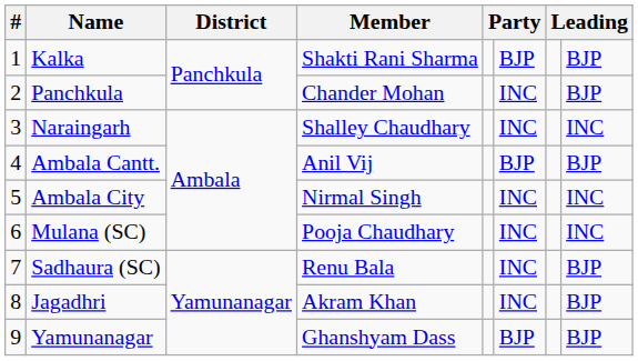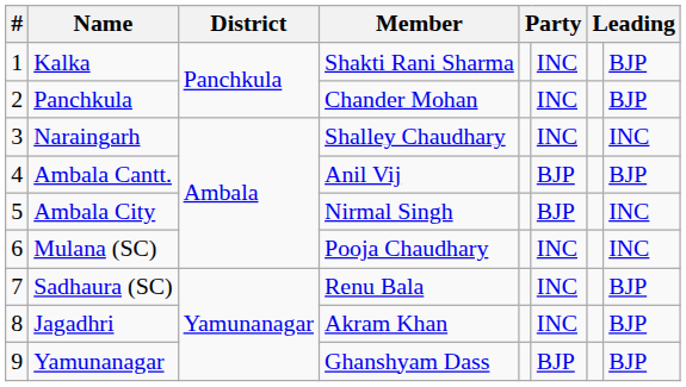 <table class="wikitable">
 <tr>
 <th>#</th>
 <th>Name</th>
 <th>District</th>
 <th>Member</th>
 <th colspan="2">Party</th>
 <th colspan="2">Leading<br></th>
 </tr>
 <tr>
 <td>1</td>
 <td><a href='#'>Kalka</a></td>
 <td rowspan="2"><a href='#'>Panchkula</a></td>
 <td><a href='#'>Shakti Rani Sharma</a></td>
 <td style="background-color:"></td>
-<td><a href='#'>BJP</a></td>
+<td><a href='#'>INC</a></td>
 <td style="background-color:"></td>
 <td><a href='#'>BJP</a></td>
 </tr>
 <tr>
 <td>2</td>
 <td><a href='#'>Panchkula</a></td>
 <td><a href='#'>Chander Mohan</a></td>
 <td style="background-color:"></td>
 <td><a href='#'>INC</a></td>
 <td style="background-color:"></td>
 <td><a href='#'>BJP</a></td>
 </tr>
 <tr>
 <td>3</td>
 <td><a href='#'>Naraingarh</a></td>
 <td rowspan="4"><a href='#'>Ambala</a></td>
 <td><a href='#'>Shalley Chaudhary</a></td>
 <td style="background-color:"></td>
 <td><a href='#'>INC</a></td>
 <td style="background-color:"></td>
 <td><a href='#'>INC</a></td>
 </tr>
 <tr>
 <td>4</td>
 <td><a href='#'>Ambala Cantt.</a></td>
 <td><a href='#'>Anil Vij</a></td>
 <td style="background-color:"></td>
 <td><a href='#'>BJP</a></td>
 <td style="background-color:"></td>
 <td><a href='#'>BJP</a></td>
 </tr>
 <tr>
 <td>5</td>
 <td><a href='#'>Ambala City</a></td>
 <td><a href='#'>Nirmal Singh</a></td>
 <td style="background-color:"></td>
-<td><a href='#'>INC</a></td>
+<td><a href='#'>BJP</a></td>
 <td style="background-color:"></td>
 <td><a href='#'>INC</a></td>
 </tr>
 <tr>
 <td>6</td>
 <td><a href='#'>Mulana</a> (SC)</td>
 <td><a href='#'>Pooja Chaudhary</a></td>
 <td style="background-color:"></td>
 <td><a href='#'>INC</a></td>
 <td style="background-color:"></td>
 <td><a href='#'>INC</a></td>
 </tr>
 <tr>
 <td>7</td>
 <td><a href='#'>Sadhaura</a> (SC)</td>
 <td rowspan="3"><a href='#'>Yamunanagar</a></td>
 <td><a href='#'>Renu Bala</a></td>
 <td style="background-color:"></td>
 <td><a href='#'>INC</a></td>
 <td style="background-color:"></td>
 <td><a href='#'>BJP</a></td>
 </tr>
 <tr>
 <td>8</td>
 <td><a href='#'>Jagadhri</a></td>
 <td><a href='#'>Akram Khan</a></td>
 <td style="background-color:"></td>
 <td><a href='#'>INC</a></td>
 <td style="background-color:"></td>
 <td><a href='#'>BJP</a></td>
 </tr>
 <tr>
 <td>9</td>
 <td><a href='#'>Yamunanagar</a></td>
 <td><a href='#'>Ghanshyam Dass</a></td>
 <td style="background-color:"></td>
 <td><a href='#'>BJP</a></td>
 <td style="background-color:"></td>
 <td><a href='#'>BJP</a></td>
 </tr>
 </table>
